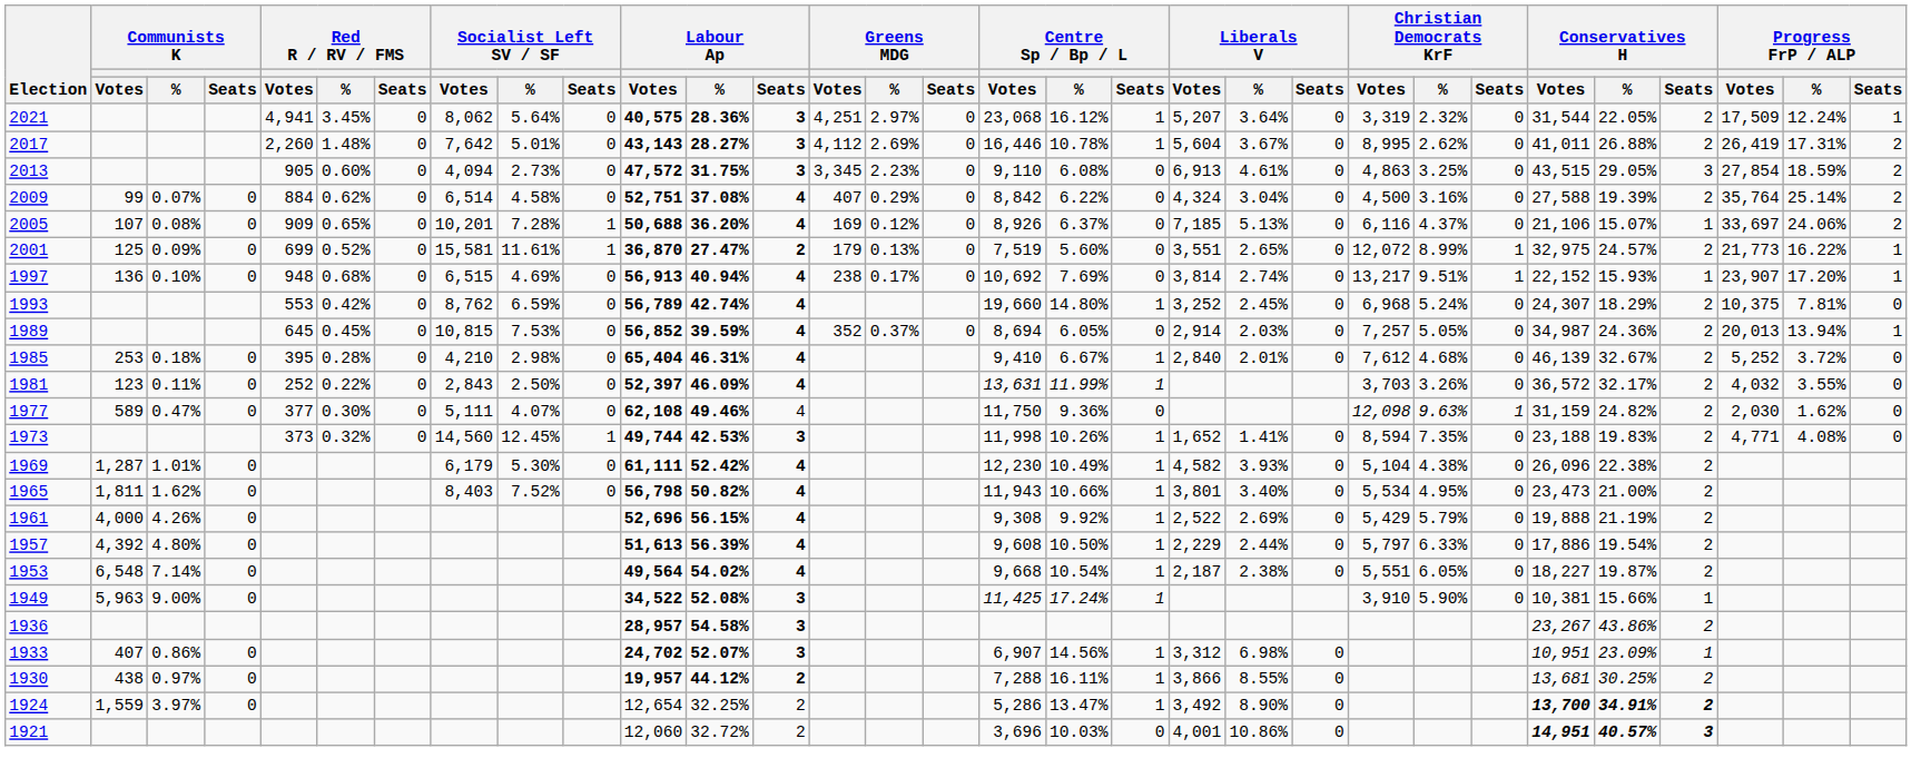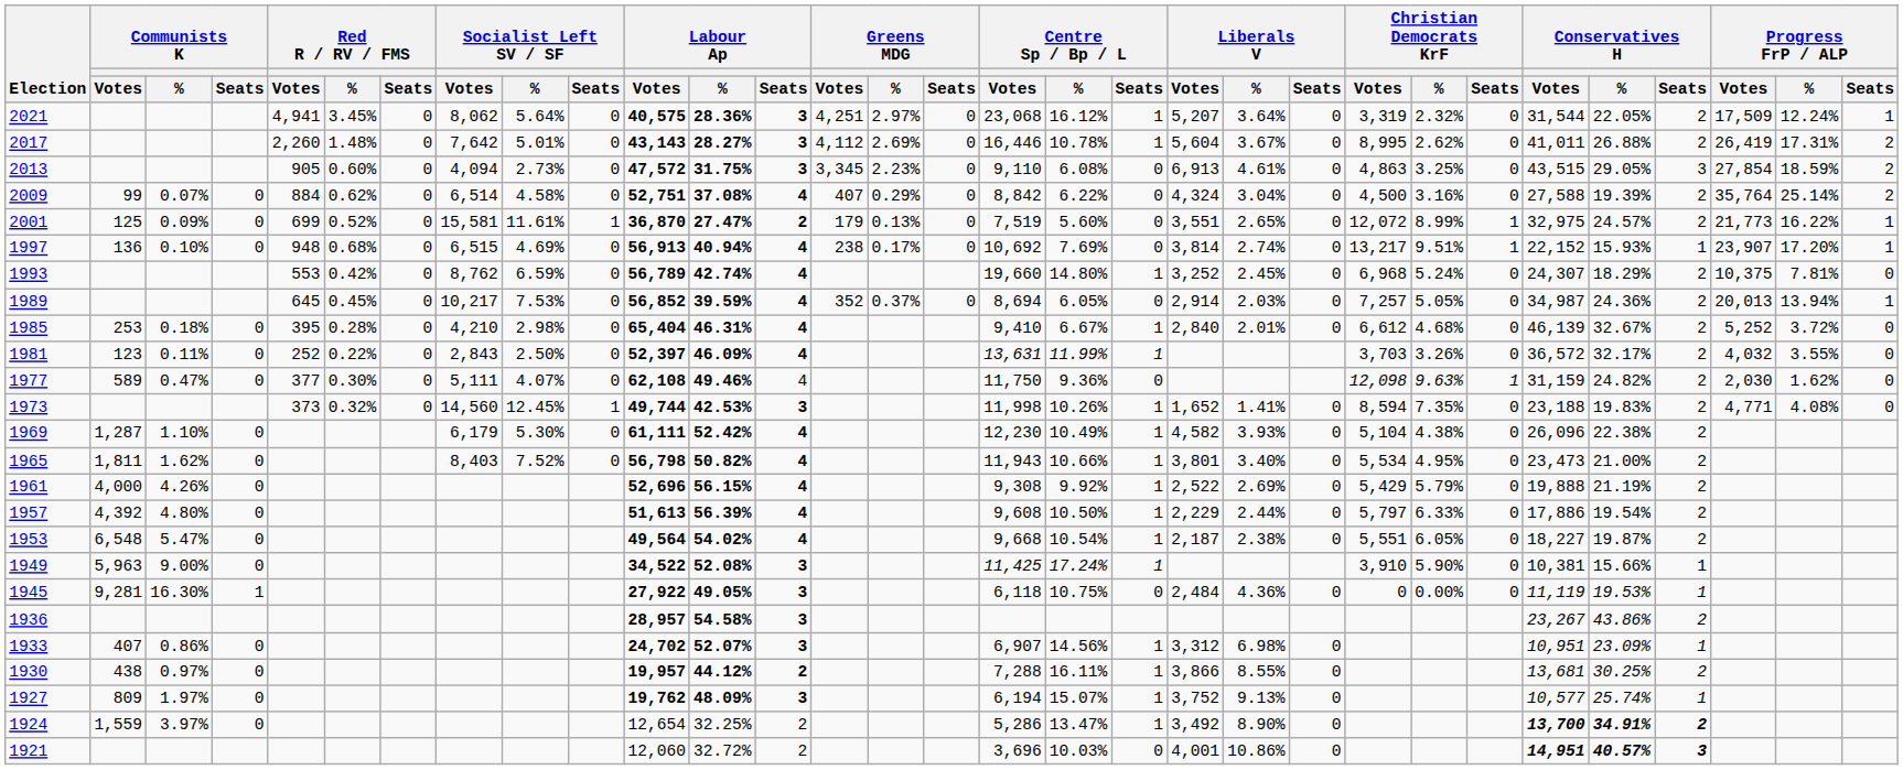 <table class="wikitable" border="1" style="font-size:80%; text-align:right;">
 <tr>
 <th style="text-align:left;" valign=bottom rowspan=3>Election</th>
 <th valign=bottom colspan=3><a href='#'>Communists</a><br>K</th>
 <th valign=bottom colspan=3><a href='#'>Red</a><br>R / RV / FMS</th>
 <th valign=bottom colspan=3><a href='#'>Socialist Left</a><br>SV / SF</th>
 <th valign=bottom colspan=3><a href='#'>Labour</a><br>Ap</th>
 <th valign=bottom colspan=3><a href='#'>Greens</a><br>MDG</th>
 <th valign=bottom colspan=3><a href='#'>Centre</a><br>Sp / Bp / L</th>
 <th valign=bottom colspan=3><a href='#'>Liberals</a><br>V</th>
 <th valign=bottom colspan=3><a href='#'>Christian<br>Democrats</a><br>KrF</th>
 <th valign=bottom colspan=3><a href='#'>Conservatives</a><br>H</th>
 <th valign=bottom colspan=3><a href='#'>Progress</a><br>FrP / ALP</th>
 </tr>
 <tr>
 <th colspan=3 style="background:"></th>
 <th colspan=3 style="background:"></th>
 <th colspan=3 style="background:"></th>
 <th colspan=3 style="background:"></th>
 <th colspan=3 style="background:"></th>
 <th colspan=3 style="background:"></th>
 <th colspan=3 style="background:"></th>
 <th colspan=3 style="background:"></th>
 <th colspan=3 style="background:"></th>
 <th colspan=3 style="background:"></th>
 </tr>
 <tr>
 <th>Votes</th>
 <th>%</th>
 <th>Seats</th>
 <th>Votes</th>
 <th>%</th>
 <th>Seats</th>
 <th>Votes</th>
 <th>%</th>
 <th>Seats</th>
 <th>Votes</th>
 <th>%</th>
 <th>Seats</th>
 <th>Votes</th>
 <th>%</th>
 <th>Seats</th>
 <th>Votes</th>
 <th>%</th>
 <th>Seats</th>
 <th>Votes</th>
 <th>%</th>
 <th>Seats</th>
 <th>Votes</th>
 <th>%</th>
 <th>Seats</th>
 <th>Votes</th>
 <th>%</th>
 <th>Seats</th>
 <th>Votes</th>
 <th>%</th>
 <th>Seats</th>
 </tr>
 <tr>
 <td align=left><a href='#'>2021</a></td>
 <td></td>
 <td></td>
 <td></td>
 <td>4,941</td>
 <td>3.45%</td>
 <td>0</td>
 <td>8,062</td>
 <td>5.64%</td>
 <td>0</td>
 <td><strong>40,575</strong></td>
 <td><strong>28.36%</strong></td>
 <td><strong>3</strong></td>
 <td>4,251</td>
 <td>2.97%</td>
 <td>0</td>
 <td>23,068</td>
 <td>16.12%</td>
 <td>1</td>
 <td>5,207</td>
 <td>3.64%</td>
 <td>0</td>
 <td>3,319</td>
 <td>2.32%</td>
 <td>0</td>
 <td>31,544</td>
 <td>22.05%</td>
 <td>2</td>
 <td>17,509</td>
 <td>12.24%</td>
 <td>1</td>
 </tr>
 <tr>
 <td align=left><a href='#'>2017</a></td>
 <td></td>
 <td></td>
 <td></td>
 <td>2,260</td>
 <td>1.48%</td>
 <td>0</td>
 <td>7,642</td>
 <td>5.01%</td>
 <td>0</td>
 <td><strong>43,143</strong></td>
 <td><strong>28.27%</strong></td>
 <td><strong>3</strong></td>
 <td>4,112</td>
 <td>2.69%</td>
 <td>0</td>
 <td>16,446</td>
 <td>10.78%</td>
 <td>1</td>
 <td>5,604</td>
 <td>3.67%</td>
 <td>0</td>
 <td>8,995</td>
 <td>2.62%</td>
 <td>0</td>
 <td>41,011</td>
 <td>26.88%</td>
 <td>2</td>
 <td>26,419</td>
 <td>17.31%</td>
 <td>2</td>
 </tr>
 <tr>
 <td align=left><a href='#'>2013</a></td>
 <td></td>
 <td></td>
 <td></td>
 <td>905</td>
 <td>0.60%</td>
 <td>0</td>
 <td>4,094</td>
 <td>2.73%</td>
 <td>0</td>
 <td><strong>47,572</strong></td>
 <td><strong>31.75%</strong></td>
 <td><strong>3</strong></td>
 <td>3,345</td>
 <td>2.23%</td>
 <td>0</td>
 <td>9,110</td>
 <td>6.08%</td>
 <td>0</td>
 <td>6,913</td>
 <td>4.61%</td>
 <td>0</td>
 <td>4,863</td>
 <td>3.25%</td>
 <td>0</td>
 <td>43,515</td>
 <td>29.05%</td>
 <td>3</td>
 <td>27,854</td>
 <td>18.59%</td>
 <td>2</td>
 </tr>
 <tr>
 <td align=left><a href='#'>2009</a></td>
 <td>99</td>
 <td>0.07%</td>
 <td>0</td>
 <td>884</td>
 <td>0.62%</td>
 <td>0</td>
 <td>6,514</td>
 <td>4.58%</td>
 <td>0</td>
 <td><strong>52,751</strong></td>
 <td><strong>37.08%</strong></td>
 <td><strong>4</strong></td>
 <td>407</td>
 <td>0.29%</td>
 <td>0</td>
 <td>8,842</td>
 <td>6.22%</td>
 <td>0</td>
 <td>4,324</td>
 <td>3.04%</td>
 <td>0</td>
 <td>4,500</td>
 <td>3.16%</td>
 <td>0</td>
 <td>27,588</td>
 <td>19.39%</td>
 <td>2</td>
 <td>35,764</td>
 <td>25.14%</td>
 <td>2</td>
 </tr>
 <tr>
-<td align=left><a href='#'>2005</a></td>
-<td>107</td>
-<td>0.08%</td>
-<td>0</td>
-<td>909</td>
-<td>0.65%</td>
-<td>0</td>
-<td>10,201</td>
-<td>7.28%</td>
-<td>1</td>
-<td><strong>50,688</strong></td>
-<td><strong>36.20%</strong></td>
-<td><strong>4</strong></td>
-<td>169</td>
-<td>0.12%</td>
-<td>0</td>
-<td>8,926</td>
-<td>6.37%</td>
-<td>0</td>
-<td>7,185</td>
-<td>5.13%</td>
-<td>0</td>
-<td>6,116</td>
-<td>4.37%</td>
-<td>0</td>
-<td>21,106</td>
-<td>15.07%</td>
-<td>1</td>
-<td>33,697</td>
-<td>24.06%</td>
-<td>2</td>
-</tr>
-<tr>
 <td align=left><a href='#'>2001</a></td>
 <td>125</td>
 <td>0.09%</td>
 <td>0</td>
 <td>699</td>
 <td>0.52%</td>
 <td>0</td>
 <td>15,581</td>
 <td>11.61%</td>
 <td>1</td>
 <td><strong>36,870</strong></td>
 <td><strong>27.47%</strong></td>
 <td><strong>2</strong></td>
 <td>179</td>
 <td>0.13%</td>
 <td>0</td>
 <td>7,519</td>
 <td>5.60%</td>
 <td>0</td>
 <td>3,551</td>
 <td>2.65%</td>
 <td>0</td>
 <td>12,072</td>
 <td>8.99%</td>
 <td>1</td>
 <td>32,975</td>
 <td>24.57%</td>
 <td>2</td>
 <td>21,773</td>
 <td>16.22%</td>
 <td>1</td>
 </tr>
 <tr>
 <td align=left><a href='#'>1997</a></td>
 <td>136</td>
 <td>0.10%</td>
 <td>0</td>
 <td>948</td>
 <td>0.68%</td>
 <td>0</td>
 <td>6,515</td>
 <td>4.69%</td>
 <td>0</td>
 <td><strong>56,913</strong></td>
 <td><strong>40.94%</strong></td>
 <td><strong>4</strong></td>
 <td>238</td>
 <td>0.17%</td>
 <td>0</td>
 <td>10,692</td>
 <td>7.69%</td>
 <td>0</td>
 <td>3,814</td>
 <td>2.74%</td>
 <td>0</td>
 <td>13,217</td>
 <td>9.51%</td>
 <td>1</td>
 <td>22,152</td>
 <td>15.93%</td>
 <td>1</td>
 <td>23,907</td>
 <td>17.20%</td>
 <td>1</td>
 </tr>
 <tr>
 <td align=left><a href='#'>1993</a></td>
 <td></td>
 <td></td>
 <td></td>
 <td>553</td>
 <td>0.42%</td>
 <td>0</td>
 <td>8,762</td>
 <td>6.59%</td>
 <td>0</td>
 <td><strong>56,789</strong></td>
 <td><strong>42.74%</strong></td>
 <td><strong>4</strong></td>
 <td></td>
 <td></td>
 <td></td>
 <td>19,660</td>
 <td>14.80%</td>
 <td>1</td>
 <td>3,252</td>
 <td>2.45%</td>
 <td>0</td>
 <td>6,968</td>
 <td>5.24%</td>
 <td>0</td>
 <td>24,307</td>
 <td>18.29%</td>
 <td>2</td>
 <td>10,375</td>
 <td>7.81%</td>
 <td>0</td>
 </tr>
 <tr>
 <td align=left><a href='#'>1989</a></td>
 <td></td>
 <td></td>
 <td></td>
 <td>645</td>
 <td>0.45%</td>
 <td>0</td>
-<td>10,815</td>
+<td>10,217</td>
 <td>7.53%</td>
 <td>0</td>
 <td><strong>56,852</strong></td>
 <td><strong>39.59%</strong></td>
 <td><strong>4</strong></td>
 <td>352</td>
 <td>0.37%</td>
 <td>0</td>
 <td>8,694</td>
 <td>6.05%</td>
 <td>0</td>
 <td>2,914</td>
 <td>2.03%</td>
 <td>0</td>
 <td>7,257</td>
 <td>5.05%</td>
 <td>0</td>
 <td>34,987</td>
 <td>24.36%</td>
 <td>2</td>
 <td>20,013</td>
 <td>13.94%</td>
 <td>1</td>
 </tr>
 <tr>
 <td align=left><a href='#'>1985</a></td>
 <td>253</td>
 <td>0.18%</td>
 <td>0</td>
 <td>395</td>
 <td>0.28%</td>
 <td>0</td>
 <td>4,210</td>
 <td>2.98%</td>
 <td>0</td>
 <td><strong>65,404</strong></td>
 <td><strong>46.31%</strong></td>
 <td><strong>4</strong></td>
 <td></td>
 <td></td>
 <td></td>
 <td>9,410</td>
 <td>6.67%</td>
 <td>1</td>
 <td>2,840</td>
 <td>2.01%</td>
 <td>0</td>
-<td>7,612</td>
+<td>6,612</td>
 <td>4.68%</td>
 <td>0</td>
 <td>46,139</td>
 <td>32.67%</td>
 <td>2</td>
 <td>5,252</td>
 <td>3.72%</td>
 <td>0</td>
 </tr>
 <tr>
 <td align=left><a href='#'>1981</a></td>
 <td>123</td>
 <td>0.11%</td>
 <td>0</td>
 <td>252</td>
 <td>0.22%</td>
 <td>0</td>
 <td>2,843</td>
 <td>2.50%</td>
 <td>0</td>
 <td><strong>52,397</strong></td>
 <td><strong>46.09%</strong></td>
 <td><strong>4</strong></td>
 <td></td>
 <td></td>
 <td></td>
 <td><em>13,631</em></td>
 <td><em>11.99%</em></td>
 <td><em>1</em></td>
 <td></td>
 <td></td>
 <td></td>
 <td>3,703</td>
 <td>3.26%</td>
 <td>0</td>
 <td>36,572</td>
 <td>32.17%</td>
 <td>2</td>
 <td>4,032</td>
 <td>3.55%</td>
 <td>0</td>
 </tr>
 <tr>
 <td align=left><a href='#'>1977</a></td>
 <td>589</td>
 <td>0.47%</td>
 <td>0</td>
 <td>377</td>
 <td>0.30%</td>
 <td>0</td>
 <td>5,111</td>
 <td>4.07%</td>
 <td>0</td>
 <td><strong>62,108</strong></td>
 <td><strong>49.46%</strong></td>
 <td>4</td>
 <td></td>
 <td></td>
 <td></td>
 <td>11,750</td>
 <td>9.36%</td>
 <td>0</td>
 <td></td>
 <td></td>
 <td></td>
 <td><em>12,098</em></td>
 <td><em>9.63%</em></td>
 <td><em>1</em></td>
 <td>31,159</td>
 <td>24.82%</td>
 <td>2</td>
 <td>2,030</td>
 <td>1.62%</td>
 <td>0</td>
 </tr>
 <tr>
 <td align=left><a href='#'>1973</a></td>
 <td></td>
 <td></td>
 <td></td>
 <td>373</td>
 <td>0.32%</td>
 <td>0</td>
 <td>14,560</td>
 <td>12.45%</td>
 <td>1</td>
 <td><strong>49,744</strong></td>
 <td><strong>42.53%</strong></td>
 <td><strong>3</strong></td>
 <td></td>
 <td></td>
 <td></td>
 <td>11,998</td>
 <td>10.26%</td>
 <td>1</td>
 <td>1,652</td>
 <td>1.41%</td>
 <td>0</td>
 <td>8,594</td>
 <td>7.35%</td>
 <td>0</td>
 <td>23,188</td>
 <td>19.83%</td>
 <td>2</td>
 <td>4,771</td>
 <td>4.08%</td>
 <td>0</td>
 </tr>
 <tr>
 <td align=left><a href='#'>1969</a></td>
 <td>1,287</td>
-<td>1.01%</td>
+<td>1.10%</td>
 <td>0</td>
 <td></td>
 <td></td>
 <td></td>
 <td>6,179</td>
 <td>5.30%</td>
 <td>0</td>
 <td><strong>61,111</strong></td>
 <td><strong>52.42%</strong></td>
 <td><strong>4</strong></td>
 <td></td>
 <td></td>
 <td></td>
 <td>12,230</td>
 <td>10.49%</td>
 <td>1</td>
 <td>4,582</td>
 <td>3.93%</td>
 <td>0</td>
 <td>5,104</td>
 <td>4.38%</td>
 <td>0</td>
 <td>26,096</td>
 <td>22.38%</td>
 <td>2</td>
 <td></td>
 <td></td>
 <td></td>
 </tr>
 <tr>
 <td align=left><a href='#'>1965</a></td>
 <td>1,811</td>
 <td>1.62%</td>
 <td>0</td>
 <td></td>
 <td></td>
 <td></td>
 <td>8,403</td>
 <td>7.52%</td>
 <td>0</td>
 <td><strong>56,798</strong></td>
 <td><strong>50.82%</strong></td>
 <td><strong>4</strong></td>
 <td></td>
 <td></td>
 <td></td>
 <td>11,943</td>
 <td>10.66%</td>
 <td>1</td>
 <td>3,801</td>
 <td>3.40%</td>
 <td>0</td>
 <td>5,534</td>
 <td>4.95%</td>
 <td>0</td>
 <td>23,473</td>
 <td>21.00%</td>
 <td>2</td>
 <td></td>
 <td></td>
 <td></td>
 </tr>
 <tr>
 <td align=left><a href='#'>1961</a></td>
 <td>4,000</td>
 <td>4.26%</td>
 <td>0</td>
 <td></td>
 <td></td>
 <td></td>
 <td></td>
 <td></td>
 <td></td>
 <td><strong>52,696</strong></td>
 <td><strong>56.15%</strong></td>
 <td><strong>4</strong></td>
 <td></td>
 <td></td>
 <td></td>
 <td>9,308</td>
 <td>9.92%</td>
 <td>1</td>
 <td>2,522</td>
 <td>2.69%</td>
 <td>0</td>
 <td>5,429</td>
 <td>5.79%</td>
 <td>0</td>
 <td>19,888</td>
 <td>21.19%</td>
 <td>2</td>
 <td></td>
 <td></td>
 <td></td>
 </tr>
 <tr>
 <td align=left><a href='#'>1957</a></td>
 <td>4,392</td>
 <td>4.80%</td>
 <td>0</td>
 <td></td>
 <td></td>
 <td></td>
 <td></td>
 <td></td>
 <td></td>
 <td><strong>51,613</strong></td>
 <td><strong>56.39%</strong></td>
 <td><strong>4</strong></td>
 <td></td>
 <td></td>
 <td></td>
 <td>9,608</td>
 <td>10.50%</td>
 <td>1</td>
 <td>2,229</td>
 <td>2.44%</td>
 <td>0</td>
 <td>5,797</td>
 <td>6.33%</td>
 <td>0</td>
 <td>17,886</td>
 <td>19.54%</td>
 <td>2</td>
 <td></td>
 <td></td>
 <td></td>
 </tr>
 <tr>
 <td align=left><a href='#'>1953</a></td>
 <td>6,548</td>
-<td>7.14%</td>
+<td>5.47%</td>
 <td>0</td>
 <td></td>
 <td></td>
 <td></td>
 <td></td>
 <td></td>
 <td></td>
 <td><strong>49,564</strong></td>
 <td><strong>54.02%</strong></td>
 <td><strong>4</strong></td>
 <td></td>
 <td></td>
 <td></td>
 <td>9,668</td>
 <td>10.54%</td>
 <td>1</td>
 <td>2,187</td>
 <td>2.38%</td>
 <td>0</td>
 <td>5,551</td>
 <td>6.05%</td>
 <td>0</td>
 <td>18,227</td>
 <td>19.87%</td>
 <td>2</td>
 <td></td>
 <td></td>
 <td></td>
 </tr>
 <tr>
 <td align=left><a href='#'>1949</a></td>
 <td>5,963</td>
 <td>9.00%</td>
 <td>0</td>
 <td></td>
 <td></td>
 <td></td>
 <td></td>
 <td></td>
 <td></td>
 <td><strong>34,522</strong></td>
 <td><strong>52.08%</strong></td>
 <td><strong>3</strong></td>
 <td></td>
 <td></td>
 <td></td>
 <td><em>11,425</em></td>
 <td><em>17.24%</em></td>
 <td><em>1</em></td>
 <td></td>
 <td></td>
 <td></td>
 <td>3,910</td>
 <td>5.90%</td>
 <td>0</td>
 <td>10,381</td>
 <td>15.66%</td>
 <td>1</td>
+<td></td>
+<td></td>
+<td></td>
+</tr>
+<tr>
+<td align=left><a href='#'>1945</a></td>
+<td>9,281</td>
+<td>16.30%</td>
+<td>1</td>
+<td></td>
+<td></td>
+<td></td>
+<td></td>
+<td></td>
+<td></td>
+<td><strong>27,922</strong></td>
+<td><strong>49.05%</strong></td>
+<td><strong>3</strong></td>
+<td></td>
+<td></td>
+<td></td>
+<td>6,118</td>
+<td>10.75%</td>
+<td>0</td>
+<td>2,484</td>
+<td>4.36%</td>
+<td>0</td>
+<td>0</td>
+<td>0.00%</td>
+<td>0</td>
+<td><em>11,119</em></td>
+<td><em>19.53%</em></td>
+<td><em>1</em></td>
 <td></td>
 <td></td>
 <td></td>
 </tr>
 <tr>
 <td align=left><a href='#'>1936</a></td>
 <td></td>
 <td></td>
 <td></td>
 <td></td>
 <td></td>
 <td></td>
 <td></td>
 <td></td>
 <td></td>
 <td><strong>28,957</strong></td>
 <td><strong>54.58%</strong></td>
 <td><strong>3</strong></td>
 <td></td>
 <td></td>
 <td></td>
 <td></td>
 <td></td>
 <td></td>
 <td></td>
 <td></td>
 <td></td>
 <td></td>
 <td></td>
 <td></td>
 <td><em>23,267</em></td>
 <td><em>43.86%</em></td>
 <td><em>2</em></td>
 <td></td>
 <td></td>
 <td></td>
 </tr>
 <tr>
 <td align=left><a href='#'>1933</a></td>
 <td>407</td>
 <td>0.86%</td>
 <td>0</td>
 <td></td>
 <td></td>
 <td></td>
 <td></td>
 <td></td>
 <td></td>
 <td><strong>24,702</strong></td>
 <td><strong>52.07%</strong></td>
 <td><strong>3</strong></td>
 <td></td>
 <td></td>
 <td></td>
 <td>6,907</td>
 <td>14.56%</td>
 <td>1</td>
 <td>3,312</td>
 <td>6.98%</td>
 <td>0</td>
 <td></td>
 <td></td>
 <td></td>
 <td><em>10,951</em></td>
 <td><em>23.09%</em></td>
 <td><em>1</em></td>
 <td></td>
 <td></td>
 <td></td>
 </tr>
 <tr>
 <td align=left><a href='#'>1930</a></td>
 <td>438</td>
 <td>0.97%</td>
 <td>0</td>
 <td></td>
 <td></td>
 <td></td>
 <td></td>
 <td></td>
 <td></td>
 <td><strong>19,957</strong></td>
 <td><strong>44.12%</strong></td>
 <td><strong>2</strong></td>
 <td></td>
 <td></td>
 <td></td>
 <td>7,288</td>
 <td>16.11%</td>
 <td>1</td>
 <td>3,866</td>
 <td>8.55%</td>
 <td>0</td>
 <td></td>
 <td></td>
 <td></td>
 <td><em>13,681</em></td>
 <td><em>30.25%</em></td>
 <td><em>2</em></td>
 <td></td>
 <td></td>
 <td></td>
 </tr>
 <tr>
+<td align=left><a href='#'>1927</a></td>
+<td>809</td>
+<td>1.97%</td>
+<td>0</td>
+<td></td>
+<td></td>
+<td></td>
+<td></td>
+<td></td>
+<td></td>
+<td><strong>19,762</strong></td>
+<td><strong>48.09%</strong></td>
+<td><strong>3</strong></td>
+<td></td>
+<td></td>
+<td></td>
+<td>6,194</td>
+<td>15.07%</td>
+<td>1</td>
+<td>3,752</td>
+<td>9.13%</td>
+<td>0</td>
+<td></td>
+<td></td>
+<td></td>
+<td><em>10,577</em></td>
+<td><em>25.74%</em></td>
+<td><em>1</em></td>
+<td></td>
+<td></td>
+<td></td>
+</tr>
+<tr>
 <td align=left><a href='#'>1924</a></td>
 <td>1,559</td>
 <td>3.97%</td>
 <td>0</td>
 <td></td>
 <td></td>
 <td></td>
 <td></td>
 <td></td>
 <td></td>
 <td>12,654</td>
 <td>32.25%</td>
 <td>2</td>
 <td></td>
 <td></td>
 <td></td>
 <td>5,286</td>
 <td>13.47%</td>
 <td>1</td>
 <td>3,492</td>
 <td>8.90%</td>
 <td>0</td>
 <td></td>
 <td></td>
 <td></td>
 <td><strong><em>13,700</em></strong></td>
 <td><strong><em>34.91%</em></strong></td>
 <td><strong><em>2</em></strong></td>
 <td></td>
 <td></td>
 <td></td>
 </tr>
 <tr>
 <td align=left><a href='#'>1921</a></td>
 <td></td>
 <td></td>
 <td></td>
 <td></td>
 <td></td>
 <td></td>
 <td></td>
 <td></td>
 <td></td>
 <td>12,060</td>
 <td>32.72%</td>
 <td>2</td>
 <td></td>
 <td></td>
 <td></td>
 <td>3,696</td>
 <td>10.03%</td>
 <td>0</td>
 <td>4,001</td>
 <td>10.86%</td>
 <td>0</td>
 <td></td>
 <td></td>
 <td></td>
 <td><strong><em>14,951</em></strong></td>
 <td><strong><em>40.57%</em></strong></td>
 <td><strong><em>3</em></strong></td>
 <td></td>
 <td></td>
 <td></td>
 </tr>
 </table>
